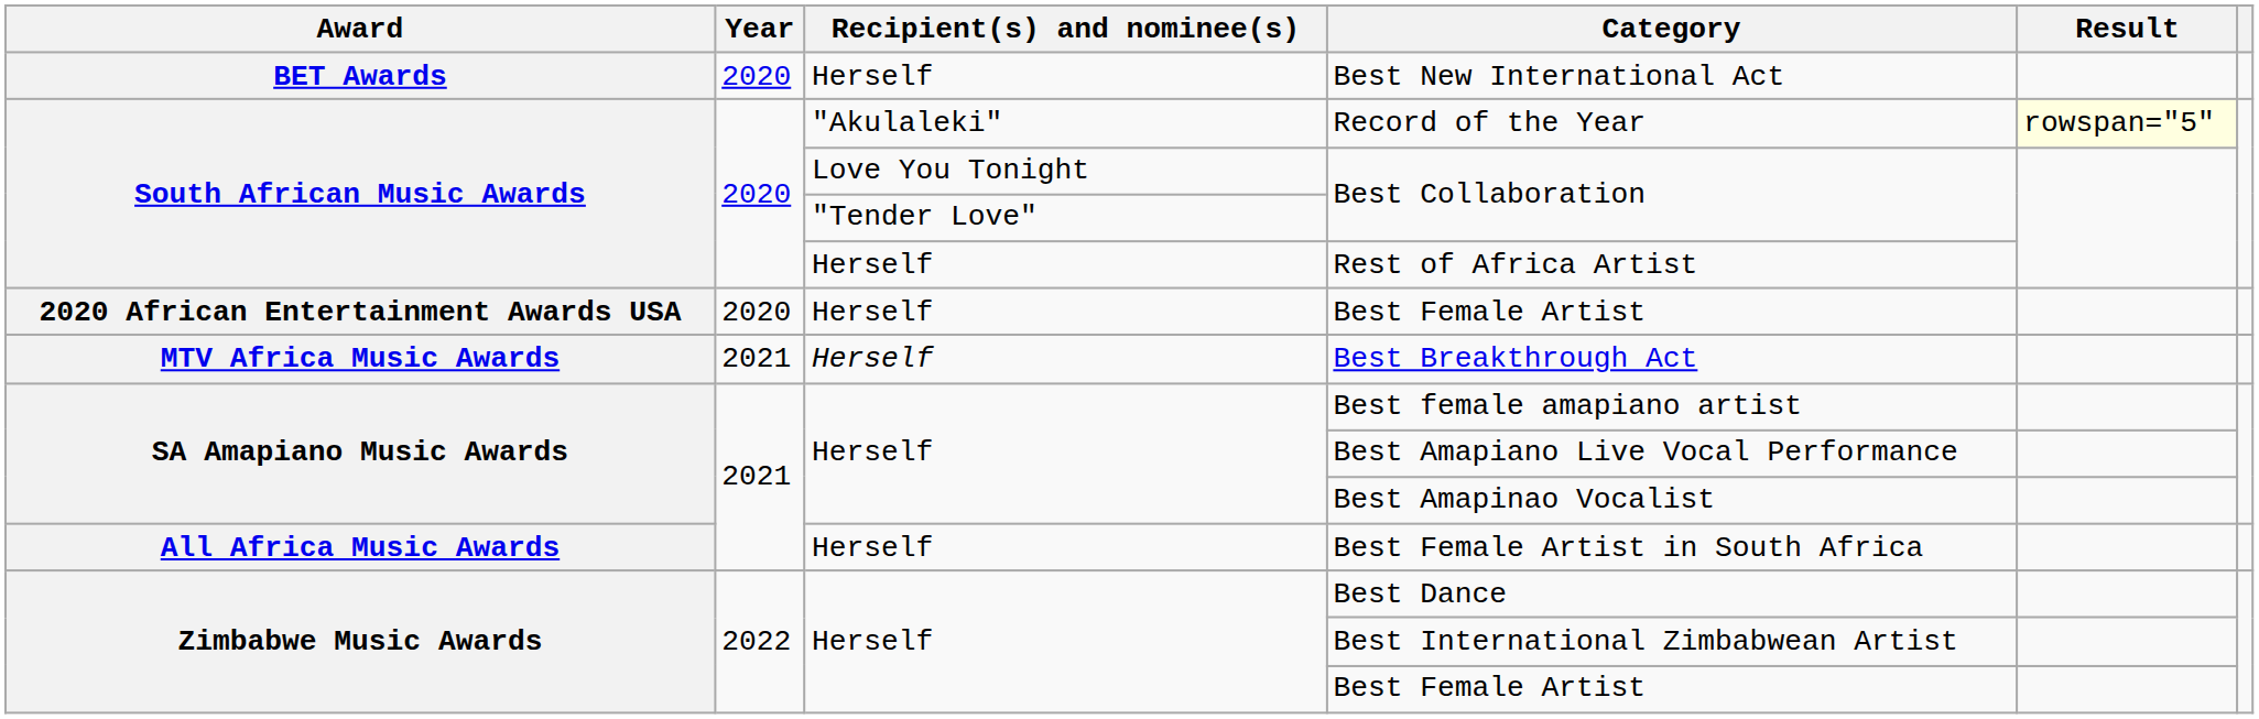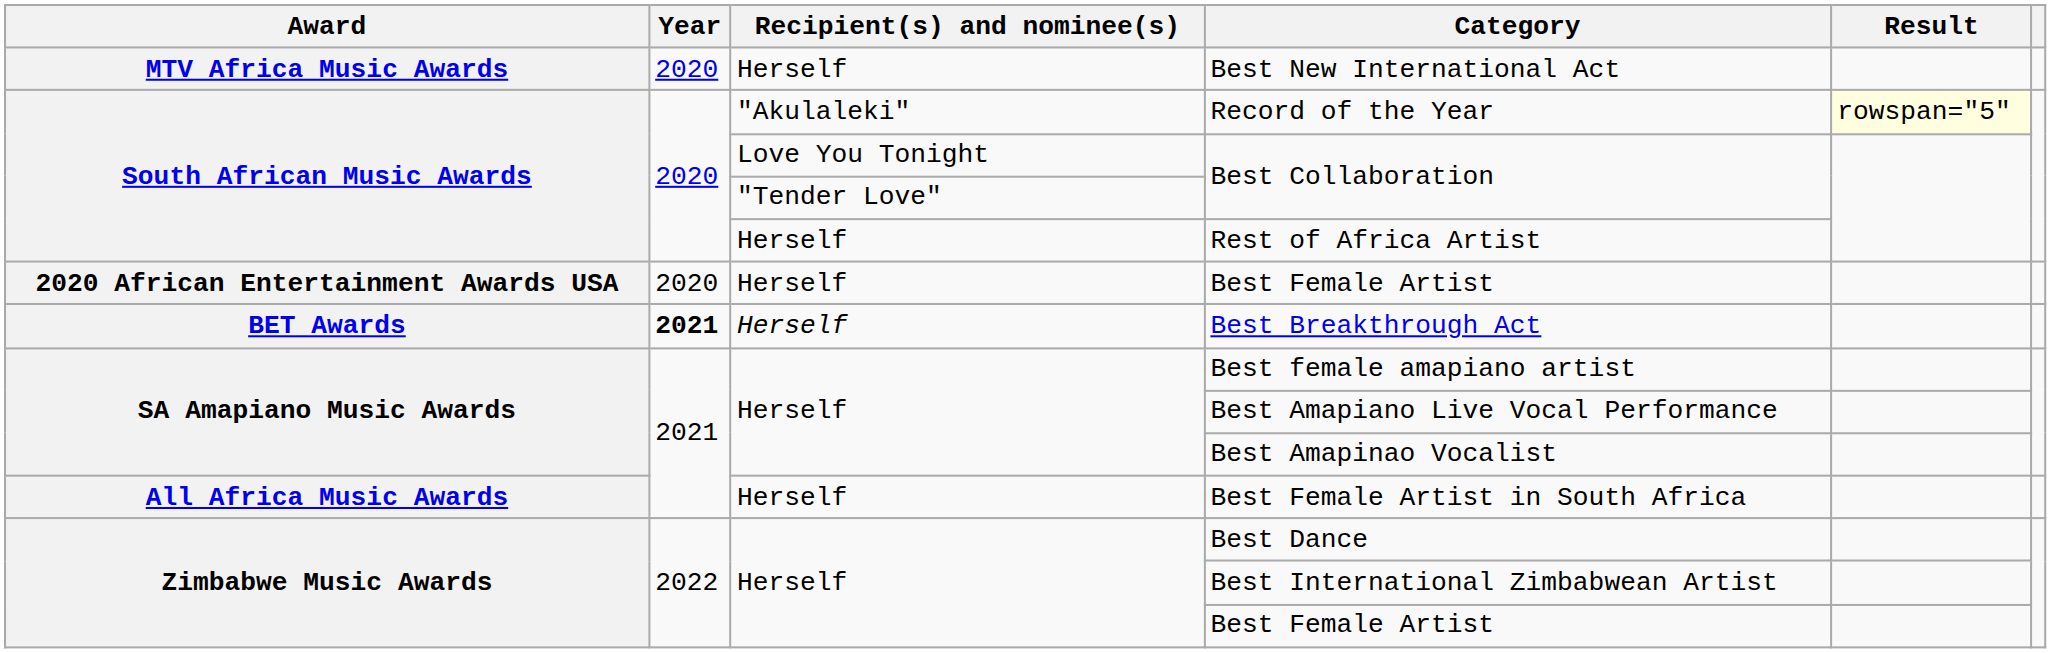 <table class="wikitable sortable plainrowheaders" style="width: 80%;">
 <tr>
 <th scope="col">Award</th>
 <th scope="col">Year</th>
 <th scope="col">Recipient(s) and nominee(s)</th>
 <th scope="col">Category</th>
 <th scope="col">Result</th>
 <th class="unsortable" scope="col"></th>
 </tr>
 <tr>
-<th scope="row"><a href='#'>BET Awards</a></th>
+<th scope="row"><a href='#'>MTV Africa Music Awards</a></th>
 <td rowspan="1"><a href='#'>2020</a></td>
 <td rowspan="1">Herself</td>
 <td>Best New International Act</td>
 <td></td>
 <td style="text-align:center;"></td>
 </tr>
 <tr>
 <th scope="row" rowspan="5"><a href='#'>South African Music Awards</a></th>
 <td rowspan="5"><a href='#'>2020</a></td>
 <td rowspan="2">"Akulaleki" </td>
 <td>Record of the Year</td>
 <td style="background: lightyellow;">rowspan="5" </td>
 <td rowspan="5"></td>
 </tr>
 <tr>
 <td rowspan="3">Best Collaboration</td>
 </tr>
 <tr>
 <td>Love You Tonight </td>
 </tr>
 <tr>
 <td>"Tender Love" </td>
 </tr>
 <tr>
 <td rowspan="1">Herself</td>
 <td>Rest of Africa Artist</td>
 </tr>
 <tr>
 <th scope="row">2020 African Entertainment Awards USA</th>
 <td>2020</td>
 <td>Herself</td>
 <td>Best  Female Artist</td>
 <td></td>
 <td></td>
 </tr>
 <tr>
-<th scope="row"><a href='#'>MTV Africa Music Awards</a></th>
-<td>2021</td>
+<th scope="row"><a href='#'>BET Awards</a></th>
+<td><strong>2021</strong></td>
 <td><em>Herself</em></td>
 <td><a href='#'>Best Breakthrough Act</a></td>
 <td></td>
 <td></td>
 </tr>
 <tr>
 <th rowspan="3" scope="row">SA Amapiano Music Awards</th>
 <td rowspan="4">2021</td>
 <td rowspan="3">Herself</td>
 <td>Best female amapiano artist</td>
 <td></td>
 <td rowspan="3"></td>
 </tr>
 <tr>
 <td>Best Amapiano Live Vocal Performance</td>
 <td></td>
 </tr>
 <tr>
 <td>Best Amapinao Vocalist</td>
 <td></td>
 </tr>
 <tr>
 <th scope="row"><a href='#'>All Africa Music Awards</a></th>
 <td>Herself</td>
 <td>Best Female Artist in South Africa</td>
 <td></td>
 <td></td>
 </tr>
 <tr>
 <th rowspan="3" scope="row">Zimbabwe Music Awards</th>
 <td rowspan="3">2022</td>
 <td rowspan="3">Herself</td>
 <td>Best Dance</td>
 <td></td>
 <td rowspan="3"></td>
 </tr>
 <tr>
 <td>Best International Zimbabwean Artist</td>
 <td></td>
 </tr>
 <tr>
 <td>Best Female Artist</td>
 <td></td>
 </tr>
 </table>
